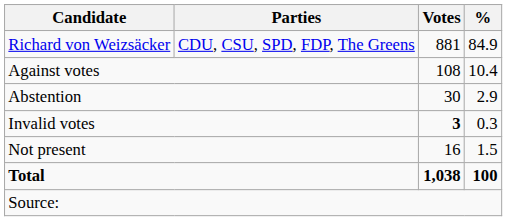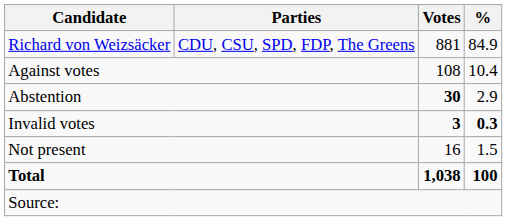 <table class=wikitable style=text-align:right>
 <tr>
 <th>Candidate</th>
 <th>Parties</th>
 <th>Votes</th>
 <th>%</th>
 </tr>
 <tr>
 <td align=left><a href='#'>Richard von Weizsäcker</a></td>
 <td align=left><a href='#'>CDU</a>, <a href='#'>CSU</a>, <a href='#'>SPD</a>, <a href='#'>FDP</a>, <a href='#'>The Greens</a></td>
 <td>881</td>
 <td>84.9</td>
 </tr>
 <tr>
 <td align=left colspan=2>Against votes</td>
 <td>108</td>
 <td>10.4</td>
 </tr>
 <tr>
 <td align=left colspan=2>Abstention</td>
-<td>30</td>
+<td><strong>30</strong></td>
 <td>2.9</td>
 </tr>
 <tr>
 <td align=left colspan=2>Invalid votes</td>
 <td><strong>3</strong></td>
-<td>0.3</td>
+<td><strong>0.3</strong></td>
 </tr>
 <tr>
 <td align=left colspan=2>Not present</td>
 <td>16</td>
 <td>1.5</td>
 </tr>
 <tr>
 <td align=left colspan=2><strong>Total</strong></td>
 <td><strong>1,038</strong></td>
 <td><strong>100</strong></td>
 </tr>
 <tr>
 <td align=left colspan=4>Source:</td>
 </tr>
 </table>
